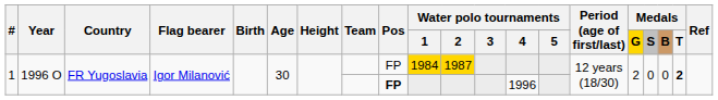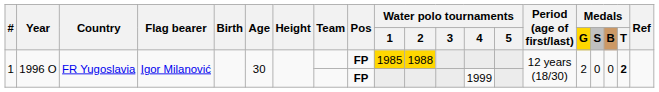 <table class="wikitable sortable" style="text-align: center; font-size: 80%; margin-left: 1em;">
 <tr>
 <th rowspan="2">#</th>
 <th rowspan="2">Year</th>
 <th rowspan="2">Country</th>
 <th rowspan="2">Flag bearer</th>
 <th rowspan="2">Birth</th>
 <th rowspan="2">Age</th>
 <th rowspan="2">Height</th>
 <th rowspan="2">Team</th>
 <th rowspan="2">Pos</th>
 <th colspan="5">Water polo tournaments</th>
 <th rowspan="2">Period<br>(age of<br>first/last)</th>
 <th colspan="4">Medals</th>
 <th rowspan="2" class="unsortable">Ref</th>
 </tr>
 <tr>
 <th>1</th>
 <th style="width: 2em;" class="unsortable">2</th>
 <th style="width: 2em;" class="unsortable">3</th>
 <th style="width: 2em;" class="unsortable">4</th>
 <th style="width: 2em;" class="unsortable">5</th>
 <th style="background-color: gold;">G</th>
 <th style="background-color: silver;">S</th>
 <th style="background-color: #cc9966;">B</th>
 <th>T</th>
 </tr>
 <tr>
 <td rowspan="2">1</td>
 <td rowspan="2">1996 O</td>
 <td rowspan="2" style="text-align: left;" data-sort-value="Yugoslavia, FR"> <a href='#'>FR Yugoslavia</a></td>
 <td rowspan="2" style="text-align: left;" data-sort-value="Milanović, Igor"><a href='#'>Igor Milanović</a></td>
 <td rowspan="2"></td>
 <td rowspan="2">30</td>
 <td rowspan="2"></td>
 <td style="text-align: left;"></td>
-<td>FP</td>
-<td style="background-color: gold;">1984</td>
-<td style="background-color: gold;">1987</td>
+<td><strong>FP</strong></td>
+<td style="background-color: gold;">1985</td>
+<td style="background-color: gold;">1988</td>
 <td style="background-color: #ececec;"></td>
 <td style="background-color: #ececec;"></td>
 <td style="background-color: #ececec;"></td>
 <td rowspan="2">12 years<br>(18/30)</td>
 <td rowspan="2">2</td>
 <td rowspan="2">0</td>
 <td rowspan="2">0</td>
 <td rowspan="2"><strong>2</strong></td>
 <td rowspan="2"></td>
 </tr>
 <tr class="expand-child">
 <td style="text-align: left;" data-sort-value="Yugoslavia, FR"></td>
 <td><strong>FP</strong></td>
 <td style="background-color: #ececec;"></td>
 <td style="background-color: #ececec;"></td>
 <td style="background-color: #ececec;"></td>
-<td>1996</td>
+<td>1999</td>
 <td style="background-color: #ececec;"></td>
 </tr>
 </table>
